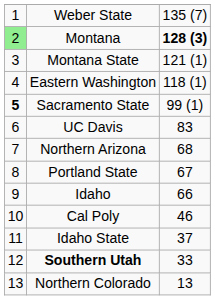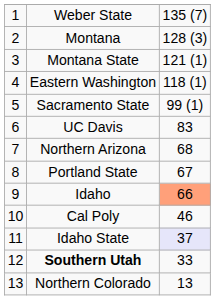 <table class="wikitable" style="display: inline-table;">
 <tr align="center">
 </tr>
 <tr align="center">
 <td>1</td>
 <td>Weber State</td>
 <td>135 (7)</td>
 </tr>
 <tr align="center">
-<td style="background: lightgreen;">2</td>
+<td>2</td>
 <td>Montana</td>
-<td><strong>128 (3)</strong></td>
+<td>128 (3)</td>
 </tr>
 <tr align="center">
 <td>3</td>
 <td>Montana State</td>
 <td>121 (1)</td>
 </tr>
 <tr align="center">
 <td>4</td>
 <td>Eastern Washington</td>
 <td>118 (1)</td>
 </tr>
 <tr align="center">
-<td><strong>5</strong></td>
+<td>5</td>
 <td>Sacramento State</td>
 <td>99 (1)</td>
 </tr>
 <tr align="center">
 <td>6</td>
 <td>UC Davis</td>
 <td>83</td>
 </tr>
 <tr align="center">
 <td>7</td>
 <td>Northern Arizona</td>
 <td>68</td>
 </tr>
 <tr align="center">
 <td>8</td>
 <td>Portland State</td>
 <td>67</td>
 </tr>
 <tr align="center">
 <td>9</td>
 <td>Idaho</td>
-<td>66</td>
+<td style="background: lightsalmon;">66</td>
 </tr>
 <tr align="center">
 <td>10</td>
 <td>Cal Poly</td>
 <td>46</td>
 </tr>
 <tr align="center">
 <td>11</td>
 <td>Idaho State</td>
-<td>37</td>
+<td style="background: lavender;">37</td>
 </tr>
 <tr align="center">
 <td>12</td>
 <td><strong>Southern Utah</strong></td>
 <td>33</td>
 </tr>
 <tr align="center">
 <td>13</td>
 <td>Northern Colorado</td>
 <td>13</td>
 </tr>
 </table>
